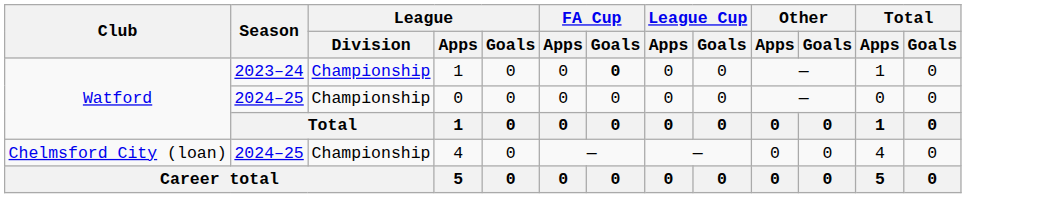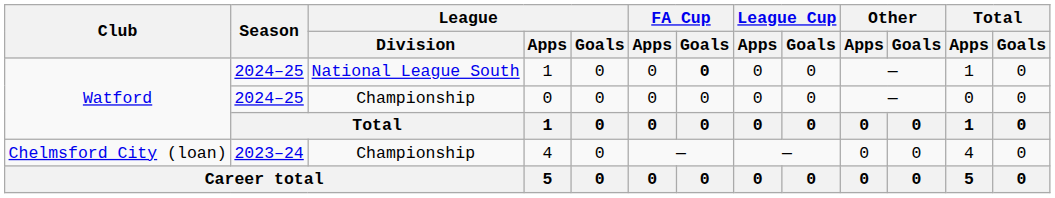 <table class="wikitable" style="text-align: center">
 <tr>
 <th rowspan="2">Club</th>
 <th rowspan="2">Season</th>
 <th colspan="3">League</th>
 <th colspan="2"><a href='#'>FA Cup</a></th>
 <th colspan="2"><a href='#'>League Cup</a></th>
 <th colspan="2">Other</th>
 <th colspan="2">Total</th>
 </tr>
 <tr>
 <th>Division</th>
 <th>Apps</th>
 <th>Goals</th>
 <th>Apps</th>
 <th>Goals</th>
 <th>Apps</th>
 <th>Goals</th>
 <th>Apps</th>
 <th>Goals</th>
 <th>Apps</th>
 <th>Goals</th>
 </tr>
 <tr>
 <td rowspan="3"><a href='#'>Watford</a></td>
-<td><a href='#'>2023–24</a></td>
-<td><a href='#'>Championship</a></td>
+<td><a href='#'>2024–25</a></td>
+<td><a href='#'>National League South</a></td>
 <td>1</td>
 <td>0</td>
 <td>0</td>
 <td><strong>0</strong></td>
 <td>0</td>
 <td>0</td>
 <td colspan="2">—</td>
 <td>1</td>
 <td>0</td>
 </tr>
 <tr>
 <td><a href='#'>2024–25</a></td>
 <td>Championship</td>
 <td>0</td>
 <td>0</td>
 <td>0</td>
 <td>0</td>
 <td>0</td>
 <td>0</td>
 <td colspan="2">—</td>
 <td>0</td>
 <td>0</td>
 </tr>
 <tr>
 <th colspan="2">Total</th>
 <th>1</th>
 <th>0</th>
 <th>0</th>
 <th>0</th>
 <th>0</th>
 <th>0</th>
 <th>0</th>
 <th>0</th>
 <th>1</th>
 <th>0</th>
 </tr>
 <tr>
 <td><a href='#'>Chelmsford City</a> (loan)</td>
-<td><a href='#'>2024–25</a></td>
+<td><a href='#'>2023–24</a></td>
 <td>Championship</td>
 <td>4</td>
 <td>0</td>
 <td colspan="2">—</td>
 <td colspan="2">—</td>
 <td>0</td>
 <td>0</td>
 <td>4</td>
 <td>0</td>
 </tr>
 <tr>
 <th colspan="3">Career total</th>
 <th>5</th>
 <th>0</th>
 <th>0</th>
 <th>0</th>
 <th>0</th>
 <th>0</th>
 <th>0</th>
 <th>0</th>
 <th>5</th>
 <th>0</th>
 </tr>
 </table>
